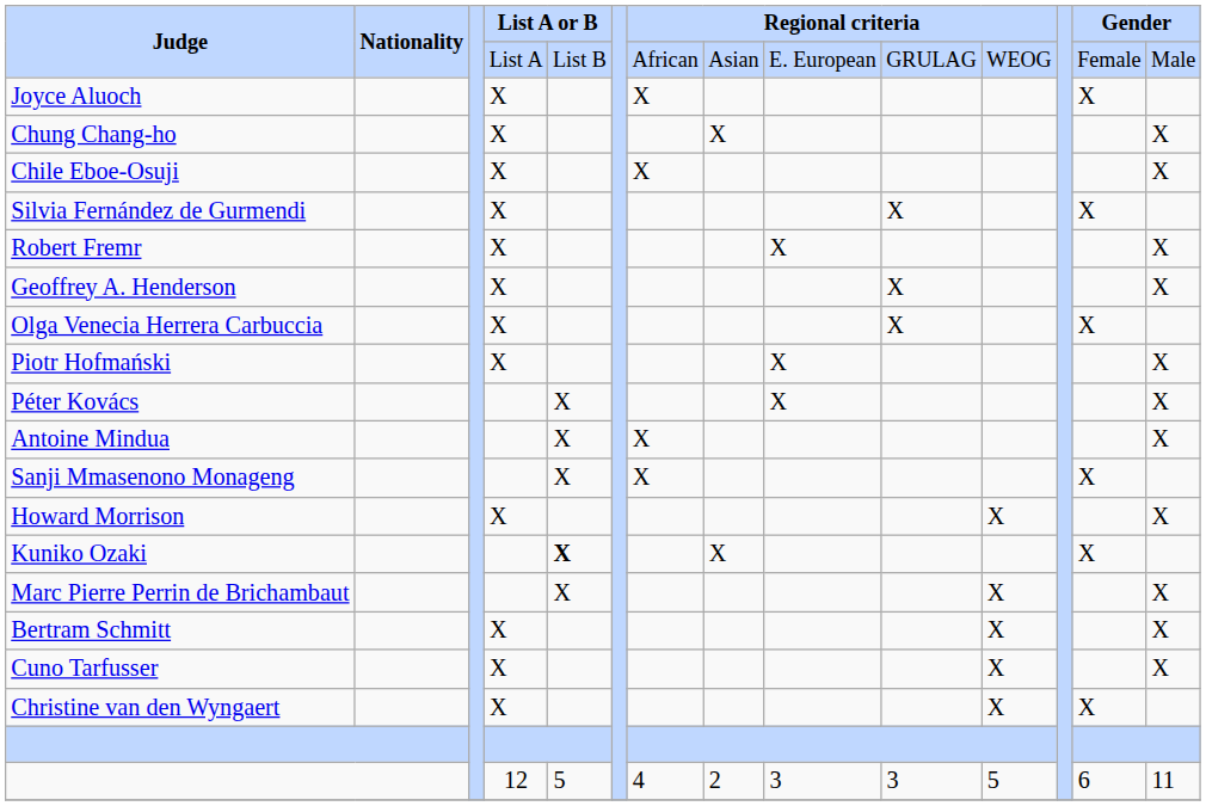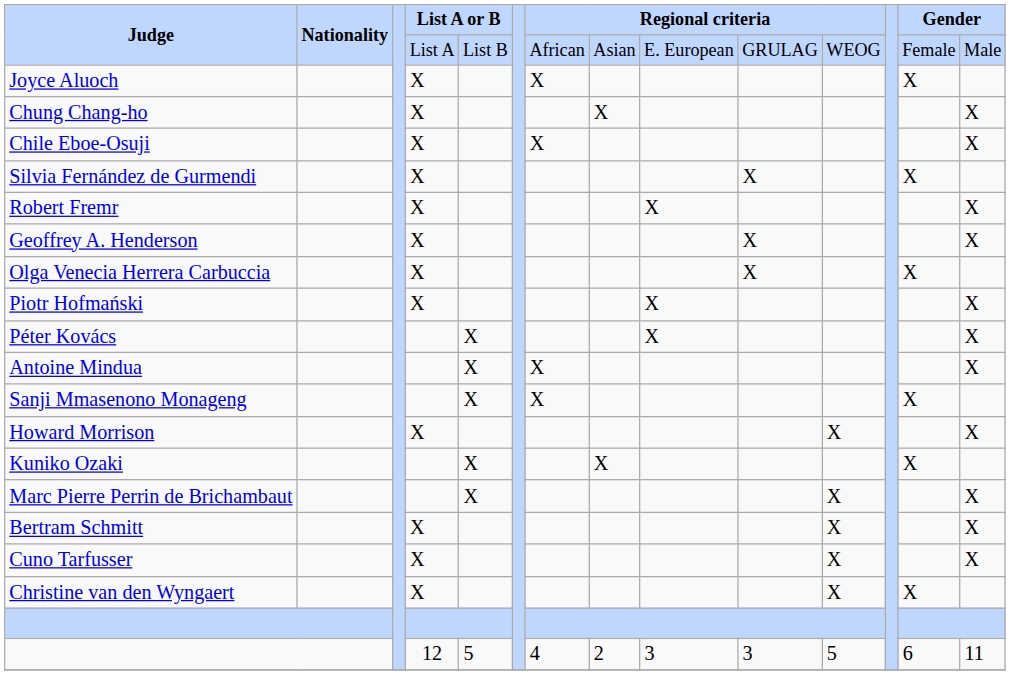 <table class="wikitable col3center col4center col5center col6center col7center col8center col9center col10center col11center">
 <tr bgcolor=#BFD7FF align="center" style="font-size:90%;">
 <td rowspan=2><strong>Judge</strong></td>
 <td rowspan=2><strong>Nationality</strong></td>
 <td rowspan=21> </td>
 <td colspan=2><strong>List A or B</strong></td>
 <td rowspan=21> </td>
 <td colspan=5><strong>Regional criteria</strong></td>
 <td rowspan=21> </td>
 <td colspan=2><strong>Gender</strong></td>
 </tr>
 <tr bgcolor=#BFD7FF align="center" style="font-size:90%;">
 <td>List A</td>
 <td>List B</td>
 <td>African</td>
 <td>Asian</td>
 <td>E. European</td>
 <td>GRULAG</td>
 <td>WEOG</td>
 <td>Female</td>
 <td>Male</td>
 </tr>
 <tr>
 <td><a href='#'>Joyce Aluoch</a></td>
 <td></td>
 <td>X</td>
 <td></td>
 <td>X</td>
 <td></td>
 <td></td>
 <td></td>
 <td></td>
 <td>X</td>
 <td></td>
 </tr>
 <tr>
 <td><a href='#'>Chung Chang-ho</a></td>
 <td></td>
 <td>X</td>
 <td></td>
 <td></td>
 <td>X</td>
 <td></td>
 <td></td>
 <td></td>
 <td></td>
 <td>X</td>
 </tr>
 <tr>
 <td><a href='#'>Chile Eboe-Osuji</a></td>
 <td></td>
 <td>X</td>
 <td></td>
 <td>X</td>
 <td></td>
 <td></td>
 <td></td>
 <td></td>
 <td></td>
 <td>X</td>
 </tr>
 <tr>
 <td><a href='#'>Silvia Fernández de Gurmendi</a></td>
 <td></td>
 <td>X</td>
 <td></td>
 <td></td>
 <td></td>
 <td></td>
 <td>X</td>
 <td></td>
 <td>X</td>
 <td></td>
 </tr>
 <tr>
 <td><a href='#'>Robert Fremr</a></td>
 <td></td>
 <td>X</td>
 <td></td>
 <td></td>
 <td></td>
 <td>X</td>
 <td></td>
 <td></td>
 <td></td>
 <td>X</td>
 </tr>
 <tr>
 <td><a href='#'>Geoffrey A. Henderson</a></td>
 <td></td>
 <td>X</td>
 <td></td>
 <td></td>
 <td></td>
 <td></td>
 <td>X</td>
 <td></td>
 <td></td>
 <td>X</td>
 </tr>
 <tr>
 <td><a href='#'>Olga Venecia Herrera Carbuccia</a></td>
 <td></td>
 <td>X</td>
 <td></td>
 <td></td>
 <td></td>
 <td></td>
 <td>X</td>
 <td></td>
 <td>X</td>
 <td></td>
 </tr>
 <tr>
 <td><a href='#'>Piotr Hofmański</a></td>
 <td></td>
 <td>X</td>
 <td></td>
 <td></td>
 <td></td>
 <td>X</td>
 <td></td>
 <td></td>
 <td></td>
 <td>X</td>
 </tr>
 <tr>
 <td><a href='#'>Péter Kovács</a></td>
 <td></td>
 <td></td>
 <td>X</td>
 <td></td>
 <td></td>
 <td>X</td>
 <td></td>
 <td></td>
 <td></td>
 <td>X</td>
 </tr>
 <tr>
 <td><a href='#'>Antoine Mindua</a></td>
 <td></td>
 <td></td>
 <td>X</td>
 <td>X</td>
 <td></td>
 <td></td>
 <td></td>
 <td></td>
 <td></td>
 <td>X</td>
 </tr>
 <tr>
 <td><a href='#'>Sanji Mmasenono Monageng</a></td>
 <td></td>
 <td></td>
 <td>X</td>
 <td>X</td>
 <td></td>
 <td></td>
 <td></td>
 <td></td>
 <td>X</td>
 <td></td>
 </tr>
 <tr>
 <td><a href='#'>Howard Morrison</a></td>
 <td></td>
 <td>X</td>
 <td></td>
 <td></td>
 <td></td>
 <td></td>
 <td></td>
 <td>X</td>
 <td></td>
 <td>X</td>
 </tr>
 <tr>
 <td><a href='#'>Kuniko Ozaki</a></td>
 <td></td>
 <td></td>
-<td><strong>X</strong></td>
+<td>X</td>
 <td></td>
 <td>X</td>
 <td></td>
 <td></td>
 <td></td>
 <td>X</td>
 <td></td>
 </tr>
 <tr>
 <td><a href='#'>Marc Pierre Perrin de Brichambaut</a></td>
 <td></td>
 <td></td>
 <td>X</td>
 <td></td>
 <td></td>
 <td></td>
 <td></td>
 <td>X</td>
 <td></td>
 <td>X</td>
 </tr>
 <tr>
 <td><a href='#'>Bertram Schmitt</a></td>
 <td></td>
 <td>X</td>
 <td></td>
 <td></td>
 <td></td>
 <td></td>
 <td></td>
 <td>X</td>
 <td></td>
 <td>X</td>
 </tr>
 <tr>
 <td><a href='#'>Cuno Tarfusser</a></td>
 <td></td>
 <td>X</td>
 <td></td>
 <td></td>
 <td></td>
 <td></td>
 <td></td>
 <td>X</td>
 <td></td>
 <td>X</td>
 </tr>
 <tr>
 <td><a href='#'>Christine van den Wyngaert</a></td>
 <td></td>
 <td>X</td>
 <td></td>
 <td></td>
 <td></td>
 <td></td>
 <td></td>
 <td>X</td>
 <td>X</td>
 <td></td>
 </tr>
 <tr bgcolor=#BFD7FF align="center" style="font-size:90%;">
 <td colspan=2> </td>
 <td colspan=2> </td>
 <td colspan=5> </td>
 <td colspan=2> </td>
 </tr>
 <tr>
 <td colspan=2></td>
 <td align="center">12</td>
 <td>5</td>
 <td>4</td>
 <td>2</td>
 <td>3</td>
 <td>3</td>
 <td>5</td>
 <td>6</td>
 <td>11</td>
 </tr>
 <tr>
 </tr>
 </table>
